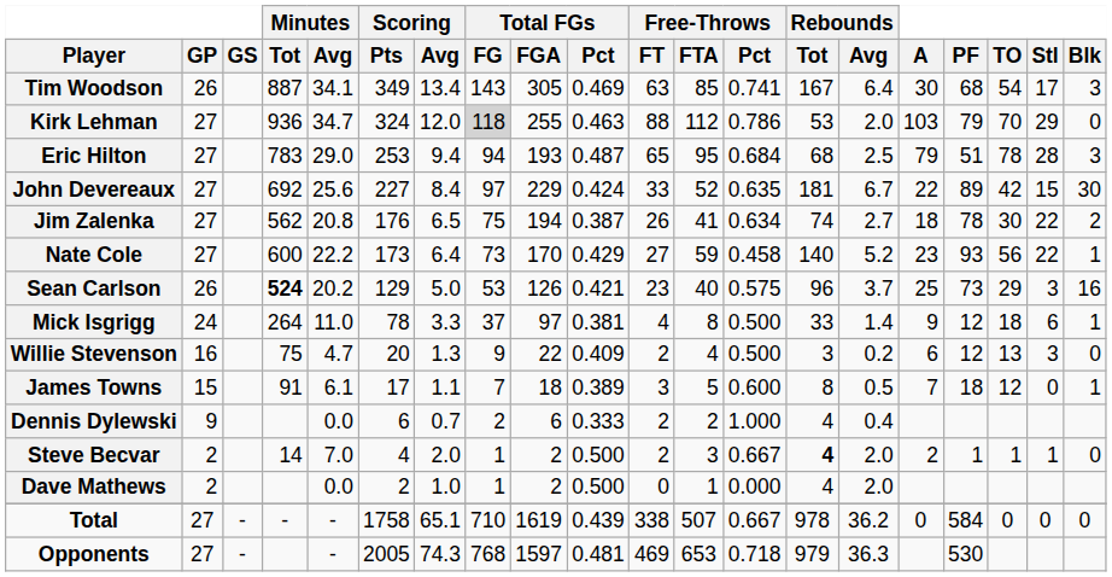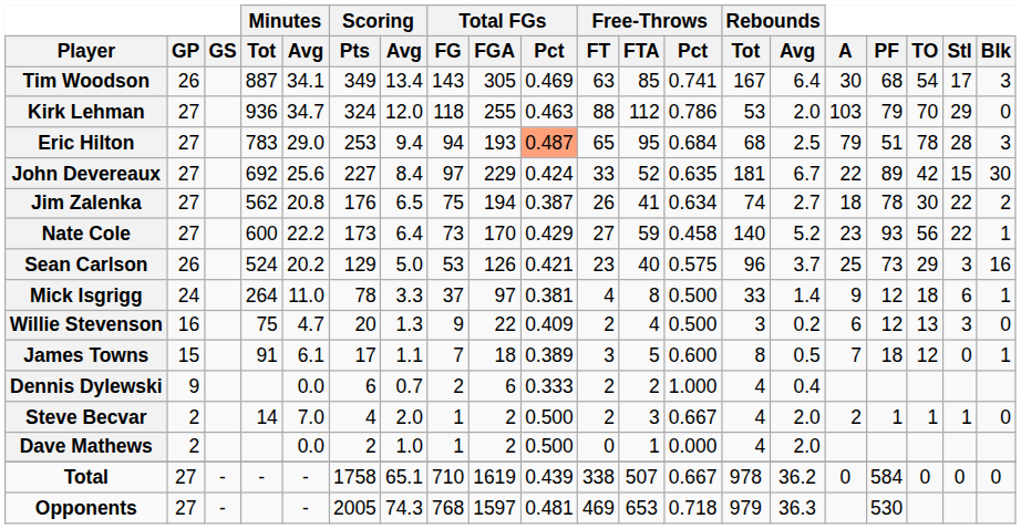 <table class="wikitable sortable" border="1" style="font-size:90%;">
 <tr>
 <th colspan="3" style="border-top-style:hidden; border-left-style:hidden; background: white;"></th>
 <th colspan="2" style=>Minutes</th>
 <th colspan="2" style=>Scoring</th>
 <th colspan="3" style=>Total FGs</th>
 <th colspan="3" style=>Free-Throws</th>
 <th colspan="2" style=>Rebounds</th>
 <th colspan="5" style="border-top-style:hidden; border-right-style:hidden; background: white;"></th>
 </tr>
 <tr>
 <th scope="col" style=>Player</th>
 <th scope="col" style=>GP</th>
 <th scope="col" style=>GS</th>
 <th scope="col" style=>Tot</th>
 <th scope="col" style=>Avg</th>
 <th scope="col" style=>Pts</th>
 <th scope="col" style=>Avg</th>
 <th scope="col" style=>FG</th>
 <th scope="col" style=>FGA</th>
 <th scope="col" style=>Pct</th>
 <th scope="col" style=>FT</th>
 <th scope="col" style=>FTA</th>
 <th scope="col" style=>Pct</th>
 <th scope="col" style=>Tot</th>
 <th scope="col" style=>Avg</th>
 <th scope="col" style=>A</th>
 <th scope="col" style=>PF</th>
 <th scope="col" style=>TO</th>
 <th scope="col" style=>Stl</th>
 <th scope="col" style=>Blk</th>
 </tr>
 <tr>
 <th>Tim Woodson</th>
 <td align="right">26</td>
 <td align="right"></td>
 <td align="right">887</td>
 <td align="right">34.1</td>
 <td align="right">349</td>
 <td align="right">13.4</td>
 <td align="right">143</td>
 <td align="right">305</td>
 <td align="right">0.469</td>
 <td align="right">63</td>
 <td align="right">85</td>
 <td align="right">0.741</td>
 <td align="right">167</td>
 <td align="right">6.4</td>
 <td align="right">30</td>
 <td align="right">68</td>
 <td align="right">54</td>
 <td align="right">17</td>
 <td align="right">3</td>
 </tr>
 <tr>
 <th>Kirk Lehman</th>
 <td align="right">27</td>
 <td align="right"></td>
 <td align="right">936</td>
 <td align="right">34.7</td>
 <td align="right">324</td>
 <td align="right">12.0</td>
-<td align="right" style="background: lightgrey;">118</td>
+<td align="right">118</td>
 <td align="right">255</td>
 <td align="right">0.463</td>
 <td align="right">88</td>
 <td align="right">112</td>
 <td align="right">0.786</td>
 <td align="right">53</td>
 <td align="right">2.0</td>
 <td align="right">103</td>
 <td align="right">79</td>
 <td align="right">70</td>
 <td align="right">29</td>
 <td align="right">0</td>
 </tr>
 <tr>
 <th>Eric Hilton</th>
 <td align="right">27</td>
 <td align="right"></td>
 <td align="right">783</td>
 <td align="right">29.0</td>
 <td align="right">253</td>
 <td align="right">9.4</td>
 <td align="right">94</td>
 <td align="right">193</td>
-<td align="right">0.487</td>
+<td align="right" style="background: lightsalmon;">0.487</td>
 <td align="right">65</td>
 <td align="right">95</td>
 <td align="right">0.684</td>
 <td align="right">68</td>
 <td align="right">2.5</td>
 <td align="right">79</td>
 <td align="right">51</td>
 <td align="right">78</td>
 <td align="right">28</td>
 <td align="right">3</td>
 </tr>
 <tr>
 <th>John Devereaux</th>
 <td align="right">27</td>
 <td align="right"></td>
 <td align="right">692</td>
 <td align="right">25.6</td>
 <td align="right">227</td>
 <td align="right">8.4</td>
 <td align="right">97</td>
 <td align="right">229</td>
 <td align="right">0.424</td>
 <td align="right">33</td>
 <td align="right">52</td>
 <td align="right">0.635</td>
 <td align="right">181</td>
 <td align="right">6.7</td>
 <td align="right">22</td>
 <td align="right">89</td>
 <td align="right">42</td>
 <td align="right">15</td>
 <td align="right">30</td>
 </tr>
 <tr>
 <th>Jim Zalenka</th>
 <td align="right">27</td>
 <td align="right"></td>
 <td align="right">562</td>
 <td align="right">20.8</td>
 <td align="right">176</td>
 <td align="right">6.5</td>
 <td align="right">75</td>
 <td align="right">194</td>
 <td align="right">0.387</td>
 <td align="right">26</td>
 <td align="right">41</td>
 <td align="right">0.634</td>
 <td align="right">74</td>
 <td align="right">2.7</td>
 <td align="right">18</td>
 <td align="right">78</td>
 <td align="right">30</td>
 <td align="right">22</td>
 <td align="right">2</td>
 </tr>
 <tr>
 <th>Nate Cole</th>
 <td align="right">27</td>
 <td align="right"></td>
 <td align="right">600</td>
 <td align="right">22.2</td>
 <td align="right">173</td>
 <td align="right">6.4</td>
 <td align="right">73</td>
 <td align="right">170</td>
 <td align="right">0.429</td>
 <td align="right">27</td>
 <td align="right">59</td>
 <td align="right">0.458</td>
 <td align="right">140</td>
 <td align="right">5.2</td>
 <td align="right">23</td>
 <td align="right">93</td>
 <td align="right">56</td>
 <td align="right">22</td>
 <td align="right">1</td>
 </tr>
 <tr>
 <th>Sean Carlson</th>
 <td align="right">26</td>
 <td align="right"></td>
-<td align="right"><strong>524</strong></td>
+<td align="right">524</td>
 <td align="right">20.2</td>
 <td align="right">129</td>
 <td align="right">5.0</td>
 <td align="right">53</td>
 <td align="right">126</td>
 <td align="right">0.421</td>
 <td align="right">23</td>
 <td align="right">40</td>
 <td align="right">0.575</td>
 <td align="right">96</td>
 <td align="right">3.7</td>
 <td align="right">25</td>
 <td align="right">73</td>
 <td align="right">29</td>
 <td align="right">3</td>
 <td align="right">16</td>
 </tr>
 <tr>
 <th>Mick Isgrigg</th>
 <td align="right">24</td>
 <td align="right"></td>
 <td align="right">264</td>
 <td align="right">11.0</td>
 <td align="right">78</td>
 <td align="right">3.3</td>
 <td align="right">37</td>
 <td align="right">97</td>
 <td align="right">0.381</td>
 <td align="right">4</td>
 <td align="right">8</td>
 <td align="right">0.500</td>
 <td align="right">33</td>
 <td align="right">1.4</td>
 <td align="right">9</td>
 <td align="right">12</td>
 <td align="right">18</td>
 <td align="right">6</td>
 <td align="right">1</td>
 </tr>
 <tr>
 <th>Willie Stevenson</th>
 <td align="right">16</td>
 <td align="right"></td>
 <td align="right">75</td>
 <td align="right">4.7</td>
 <td align="right">20</td>
 <td align="right">1.3</td>
 <td align="right">9</td>
 <td align="right">22</td>
 <td align="right">0.409</td>
 <td align="right">2</td>
 <td align="right">4</td>
 <td align="right">0.500</td>
 <td align="right">3</td>
 <td align="right">0.2</td>
 <td align="right">6</td>
 <td align="right">12</td>
 <td align="right">13</td>
 <td align="right">3</td>
 <td align="right">0</td>
 </tr>
 <tr>
 <th>James Towns</th>
 <td align="right">15</td>
 <td align="right"></td>
 <td align="right">91</td>
 <td align="right">6.1</td>
 <td align="right">17</td>
 <td align="right">1.1</td>
 <td align="right">7</td>
 <td align="right">18</td>
 <td align="right">0.389</td>
 <td align="right">3</td>
 <td align="right">5</td>
 <td align="right">0.600</td>
 <td align="right">8</td>
 <td align="right">0.5</td>
 <td align="right">7</td>
 <td align="right">18</td>
 <td align="right">12</td>
 <td align="right">0</td>
 <td align="right">1</td>
 </tr>
 <tr>
 <th>Dennis Dylewski</th>
 <td align="right">9</td>
 <td align="right"></td>
 <td align="right"></td>
 <td align="right">0.0</td>
 <td align="right">6</td>
 <td align="right">0.7</td>
 <td align="right">2</td>
 <td align="right">6</td>
 <td align="right">0.333</td>
 <td align="right">2</td>
 <td align="right">2</td>
 <td align="right">1.000</td>
 <td align="right">4</td>
 <td align="right">0.4</td>
 <td align="right"></td>
 <td align="right"></td>
 <td align="right"></td>
 <td align="right"></td>
 <td align="right"></td>
 </tr>
 <tr>
 <th>Steve Becvar</th>
 <td align="right">2</td>
 <td align="right"></td>
 <td align="right">14</td>
 <td align="right">7.0</td>
 <td align="right">4</td>
 <td align="right">2.0</td>
 <td align="right">1</td>
 <td align="right">2</td>
 <td align="right">0.500</td>
 <td align="right">2</td>
 <td align="right">3</td>
 <td align="right">0.667</td>
-<td align="right"><strong>4</strong></td>
+<td align="right">4</td>
 <td align="right">2.0</td>
 <td align="right">2</td>
 <td align="right">1</td>
 <td align="right">1</td>
 <td align="right">1</td>
 <td align="right">0</td>
 </tr>
 <tr>
 <th>Dave Mathews</th>
 <td align="right">2</td>
 <td align="right"></td>
 <td align="right"></td>
 <td align="right">0.0</td>
 <td align="right">2</td>
 <td align="right">1.0</td>
 <td align="right">1</td>
 <td align="right">2</td>
 <td align="right">0.500</td>
 <td align="right">0</td>
 <td align="right">1</td>
 <td align="right">0.000</td>
 <td align="right">4</td>
 <td align="right">2.0</td>
 <td align="right"></td>
 <td align="right"></td>
 <td align="right"></td>
 <td align="right"></td>
 <td align="right"></td>
 </tr>
 <tr>
 </tr>
 <tr class="sortbottom">
 <td align="center" style=><strong>Total</strong></td>
 <td align="center" style=>27</td>
 <td align="center" style=>-</td>
 <td align="center" style=>-</td>
 <td align="center" style=>-</td>
 <td align="center" style=>1758</td>
 <td align="center" style=>65.1</td>
 <td align="center" style=>710</td>
 <td align="center" style=>1619</td>
 <td align="center" style=>0.439</td>
 <td align="center" style=>338</td>
 <td align="center" style=>507</td>
 <td align="center" style=>0.667</td>
 <td align="center" style=>978</td>
 <td align="center" style=>36.2</td>
 <td align="center" style=>0</td>
 <td align="center" style=>584</td>
 <td align="center" style=>0</td>
 <td align="center" style=>0</td>
 <td align="center" style=>0</td>
 </tr>
 <tr class="sortbottom">
 <td align="center"><strong>Opponents</strong></td>
 <td align="center">27</td>
 <td align="center">-</td>
 <td align="center"></td>
 <td align="center">-</td>
 <td align="center">2005</td>
 <td align="center">74.3</td>
 <td align="center">768</td>
 <td align="center">1597</td>
 <td align="center">0.481</td>
 <td align="center">469</td>
 <td align="center">653</td>
 <td align="center">0.718</td>
 <td align="center">979</td>
 <td align="center">36.3</td>
 <td align="center"></td>
 <td align="center">530</td>
 <td align="center"></td>
 <td align="center"></td>
 <td align="center"></td>
 </tr>
 </table>
